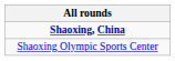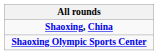 <table class=wikitable style=text-align:center width=250>
 <tr>
 <th>All rounds</th>
 </tr>
 <tr>
 <td><strong> <a href='#'>Shaoxing</a>, <a href='#'>China</a></strong></td>
 </tr>
 <tr>
-<td><a href='#'>Shaoxing Olympic Sports Center</a><br></td>
+<td><strong><a href='#'>Shaoxing Olympic Sports Center</a><br></strong></td>
 </tr>
 </table>
